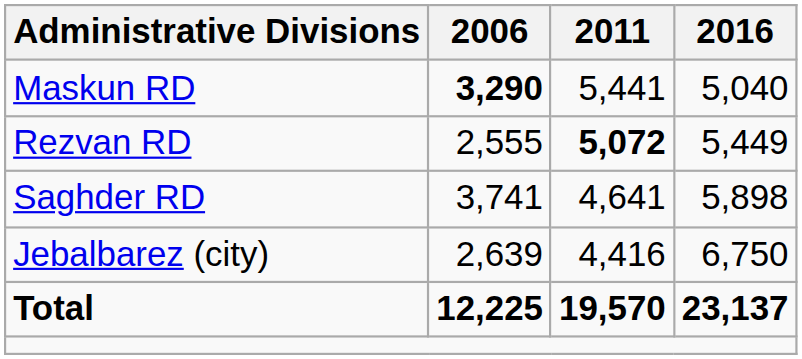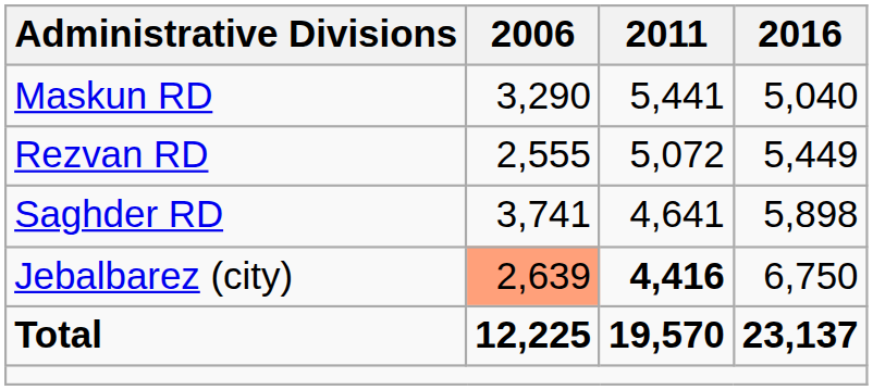 <table class="wikitable">
 <tr>
 <th>Administrative Divisions</th>
 <th>2006</th>
 <th>2011</th>
 <th>2016</th>
 </tr>
 <tr>
 <td><a href='#'>Maskun RD</a></td>
-<td style="text-align: right;"><strong>3,290</strong></td>
+<td style="text-align: right;">3,290</td>
 <td style="text-align: right;">5,441</td>
 <td style="text-align: right;">5,040</td>
 </tr>
 <tr>
 <td><a href='#'>Rezvan RD</a></td>
 <td style="text-align: right;">2,555</td>
-<td style="text-align: right;"><strong>5,072</strong></td>
+<td style="text-align: right;">5,072</td>
 <td style="text-align: right;">5,449</td>
 </tr>
 <tr>
 <td><a href='#'>Saghder RD</a></td>
 <td style="text-align: right;">3,741</td>
 <td style="text-align: right;">4,641</td>
 <td style="text-align: right;">5,898</td>
 </tr>
 <tr>
 <td><a href='#'>Jebalbarez</a> (city)</td>
-<td style="text-align: right;">2,639</td>
-<td style="text-align: right;">4,416</td>
+<td style="background: lightsalmon; text-align: right;">2,639</td>
+<td style="text-align: right;"><strong>4,416</strong></td>
 <td style="text-align: right;">6,750</td>
 </tr>
 <tr>
 <td><strong>Total</strong></td>
 <td style="text-align: right;"><strong>12,225</strong></td>
 <td style="text-align: right;"><strong>19,570</strong></td>
 <td style="text-align: right;"><strong>23,137</strong></td>
 </tr>
 <tr>
 <td colspan=4></td>
 </tr>
 </table>
